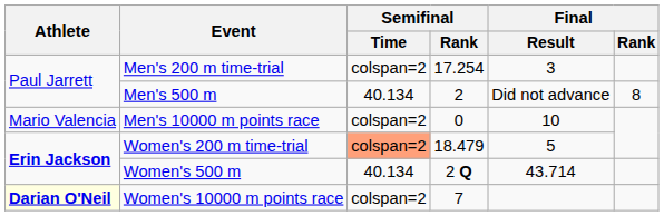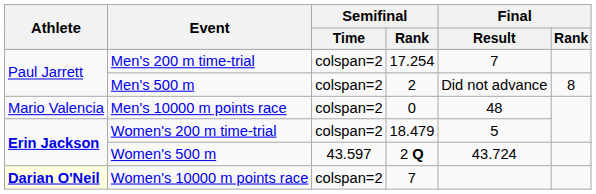 <table class="wikitable" style="font-size:90%;">
 <tr>
 <th rowspan=2>Athlete</th>
 <th rowspan=2>Event</th>
 <th colspan=2>Semifinal</th>
 <th colspan=2>Final</th>
 </tr>
 <tr style="font-size:95%">
 <th>Time</th>
 <th>Rank</th>
 <th>Result</th>
 <th>Rank</th>
 </tr>
 <tr align=center>
 <td align=left rowspan=2><a href='#'>Paul Jarrett</a></td>
 <td align=left><a href='#'>Men's 200 m time-trial</a></td>
 <td>colspan=2 </td>
 <td>17.254</td>
-<td>3</td>
+<td>7</td>
 </tr>
 <tr align=center>
 <td align=left><a href='#'>Men's 500 m</a></td>
-<td>40.134</td>
+<td>colspan=2 </td>
 <td>2</td>
 <td>Did not advance</td>
 <td>8</td>
 </tr>
 <tr align=center>
 <td align=left><a href='#'>Mario Valencia</a></td>
 <td align=left><a href='#'>Men's 10000 m points race</a></td>
 <td>colspan=2 </td>
 <td>0</td>
-<td>10</td>
+<td>48</td>
 </tr>
 <tr align=center>
 <td align=left rowspan=2><strong><a href='#'>Erin Jackson</a></strong></td>
 <td align=left><a href='#'>Women's 200 m time-trial</a></td>
-<td style="background: lightsalmon;">colspan=2 </td>
+<td>colspan=2 </td>
 <td>18.479</td>
 <td>5</td>
 </tr>
 <tr align=center>
 <td align=left><a href='#'>Women's 500 m</a></td>
-<td>40.134</td>
+<td>43.597</td>
 <td>2 <strong>Q</strong></td>
-<td>43.714</td>
+<td>43.724</td>
 <td></td>
 </tr>
 <tr align=center>
 <td align=left style="background: lightyellow;"><strong><a href='#'>Darian O'Neil</a></strong></td>
 <td align=left><a href='#'>Women's 10000 m points race</a></td>
 <td>colspan=2 </td>
 <td>7</td>
 <td></td>
 </tr>
 </table>
